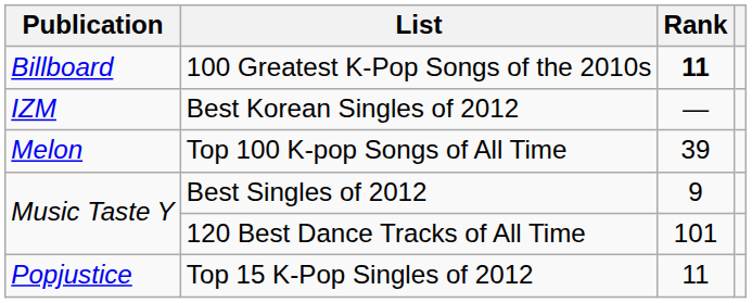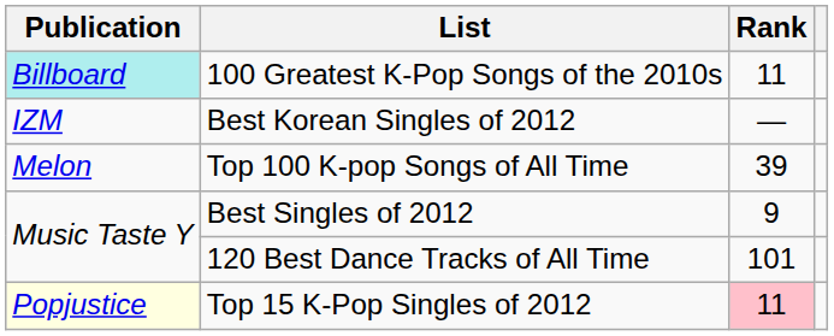 <table class="wikitable">
 <tr>
 <th>Publication</th>
 <th>List</th>
 <th>Rank</th>
 <th class="unsortable"></th>
 </tr>
 <tr>
-<td><em><a href='#'>Billboard</a></em></td>
+<td style="background: paleturquoise;"><em><a href='#'>Billboard</a></em></td>
 <td>100 Greatest K-Pop Songs of the 2010s</td>
-<td align="center"><strong>11</strong></td>
+<td align="center">11</td>
 <td align="center"></td>
 </tr>
 <tr>
 <td><em><a href='#'>IZM</a></em></td>
 <td>Best Korean Singles of 2012</td>
 <td align="center">—</td>
 <td align="center"></td>
 </tr>
 <tr>
 <td><em><a href='#'>Melon</a></em></td>
 <td>Top 100 K-pop Songs of All Time</td>
 <td align="center">39</td>
 <td align="center"></td>
 </tr>
 <tr>
 <td rowspan="2"><em>Music Taste Y</em></td>
 <td>Best Singles of 2012</td>
 <td align="center">9</td>
 <td align="center"></td>
 </tr>
 <tr>
 <td>120 Best Dance Tracks of All Time</td>
 <td align="center">101</td>
 <td align="center"></td>
 </tr>
 <tr>
-<td><em><a href='#'>Popjustice</a></em></td>
+<td style="background: lightyellow;"><em><a href='#'>Popjustice</a></em></td>
 <td>Top 15 K‑Pop Singles of 2012</td>
-<td align="center">11</td>
+<td align="center" style="background: pink;">11</td>
 <td align="center"></td>
 </tr>
 </table>
